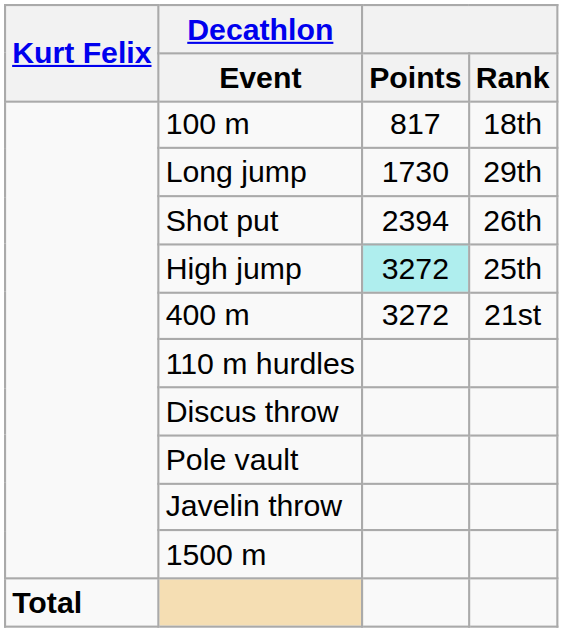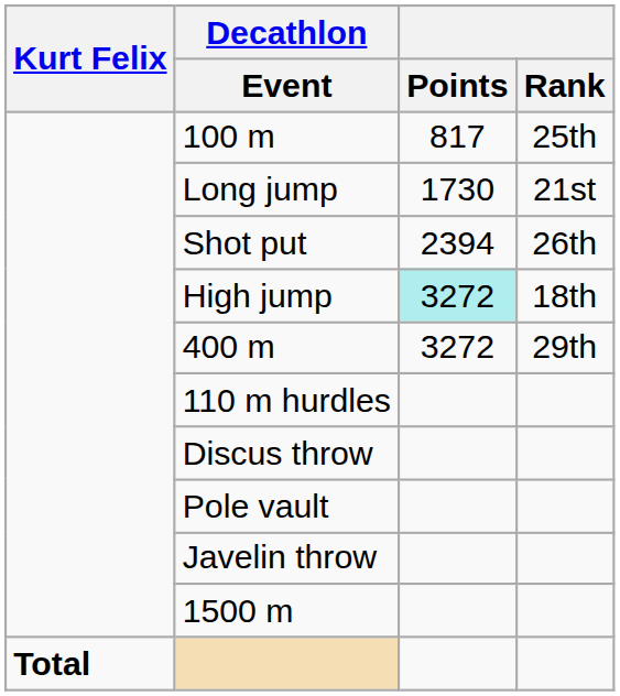 <table class=wikitable style="font-size:90%;">
 <tr>
 <th rowspan="2"><a href='#'>Kurt Felix</a></th>
 <th><a href='#'>Decathlon</a></th>
 <th colspan="2"></th>
 </tr>
 <tr>
 <th>Event</th>
 <th>Points</th>
 <th>Rank</th>
 </tr>
 <tr style="border-top: single;">
 <td rowspan="10"></td>
 <td>100 m</td>
 <td align="center">817</td>
-<td align="center">18th</td>
+<td align="center">25th</td>
 </tr>
 <tr>
 <td>Long jump</td>
 <td align="center">1730</td>
-<td align="center">29th</td>
+<td align="center">21st</td>
 </tr>
 <tr>
 <td>Shot put</td>
 <td align="center">2394</td>
 <td align="center">26th</td>
 </tr>
 <tr>
 <td>High jump</td>
 <td align="center" style="background: paleturquoise;">3272</td>
-<td align="center">25th</td>
+<td align="center">18th</td>
 </tr>
 <tr>
 <td>400 m</td>
 <td align="center">3272</td>
-<td align="center">21st</td>
+<td align="center">29th</td>
 </tr>
 <tr>
 <td>110 m hurdles</td>
 <td align=center></td>
 <td align=center></td>
 </tr>
 <tr>
 <td>Discus throw</td>
 <td align=center></td>
 <td align=center></td>
 </tr>
 <tr>
 <td>Pole vault</td>
 <td align=center></td>
 <td align=center></td>
 </tr>
 <tr>
 <td>Javelin throw</td>
 <td align=center></td>
 <td align=center></td>
 </tr>
 <tr>
 <td>1500 m</td>
 <td align=center></td>
 <td align=center></td>
 </tr>
 <tr style="border-top: single;">
 <td><strong>Total</strong></td>
 <td style="background:wheat;"></td>
 <td align=center></td>
 <td align=center></td>
 </tr>
 </table>
